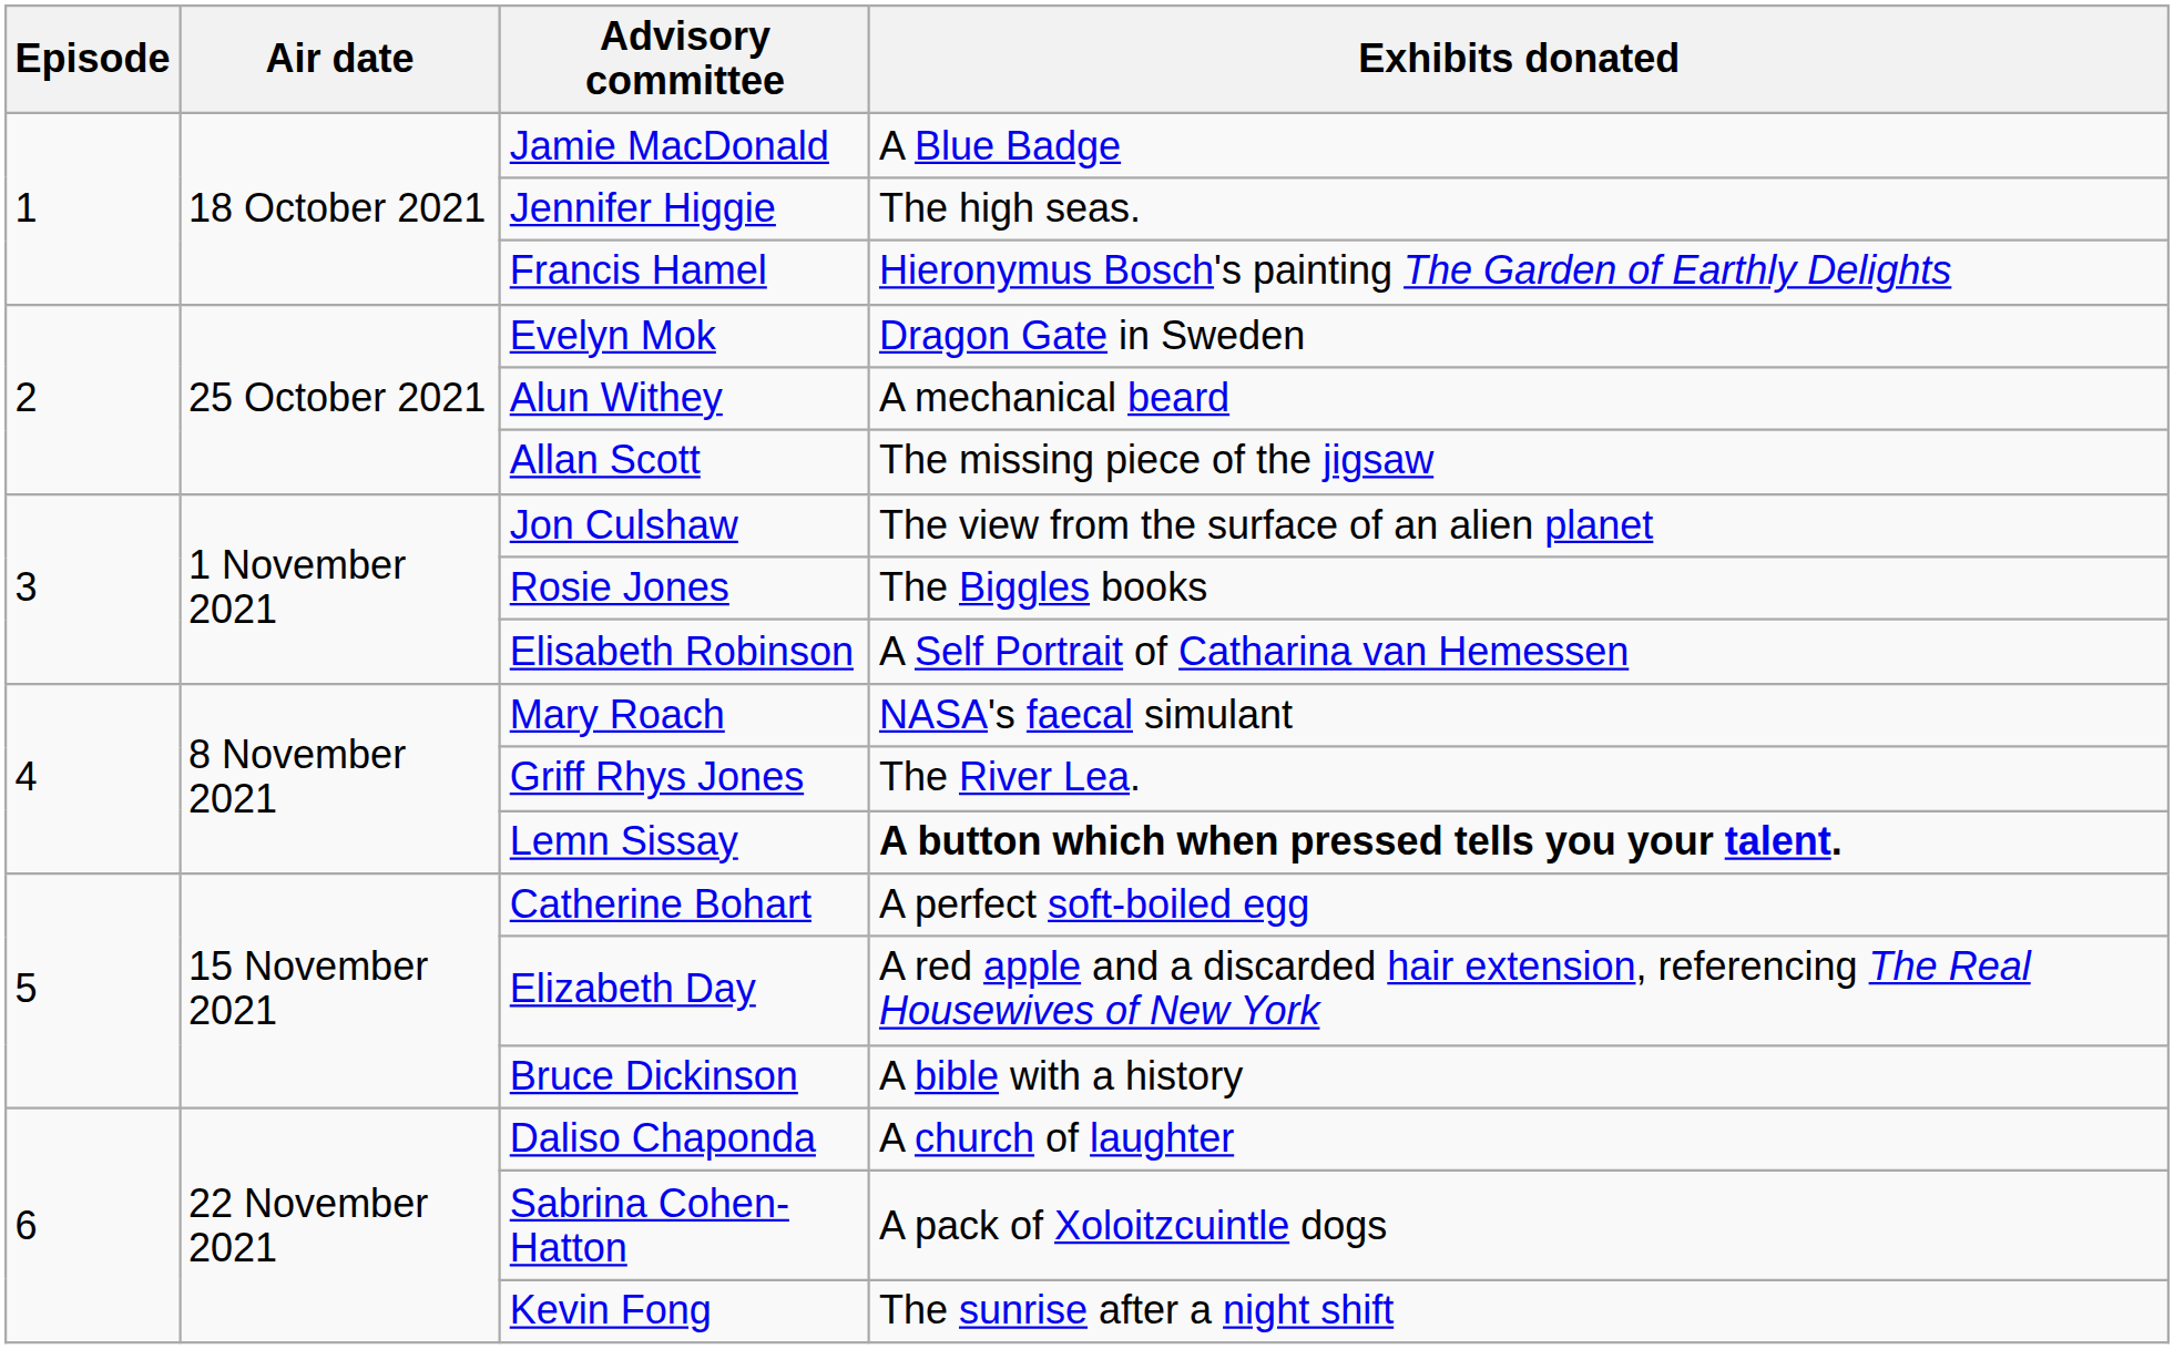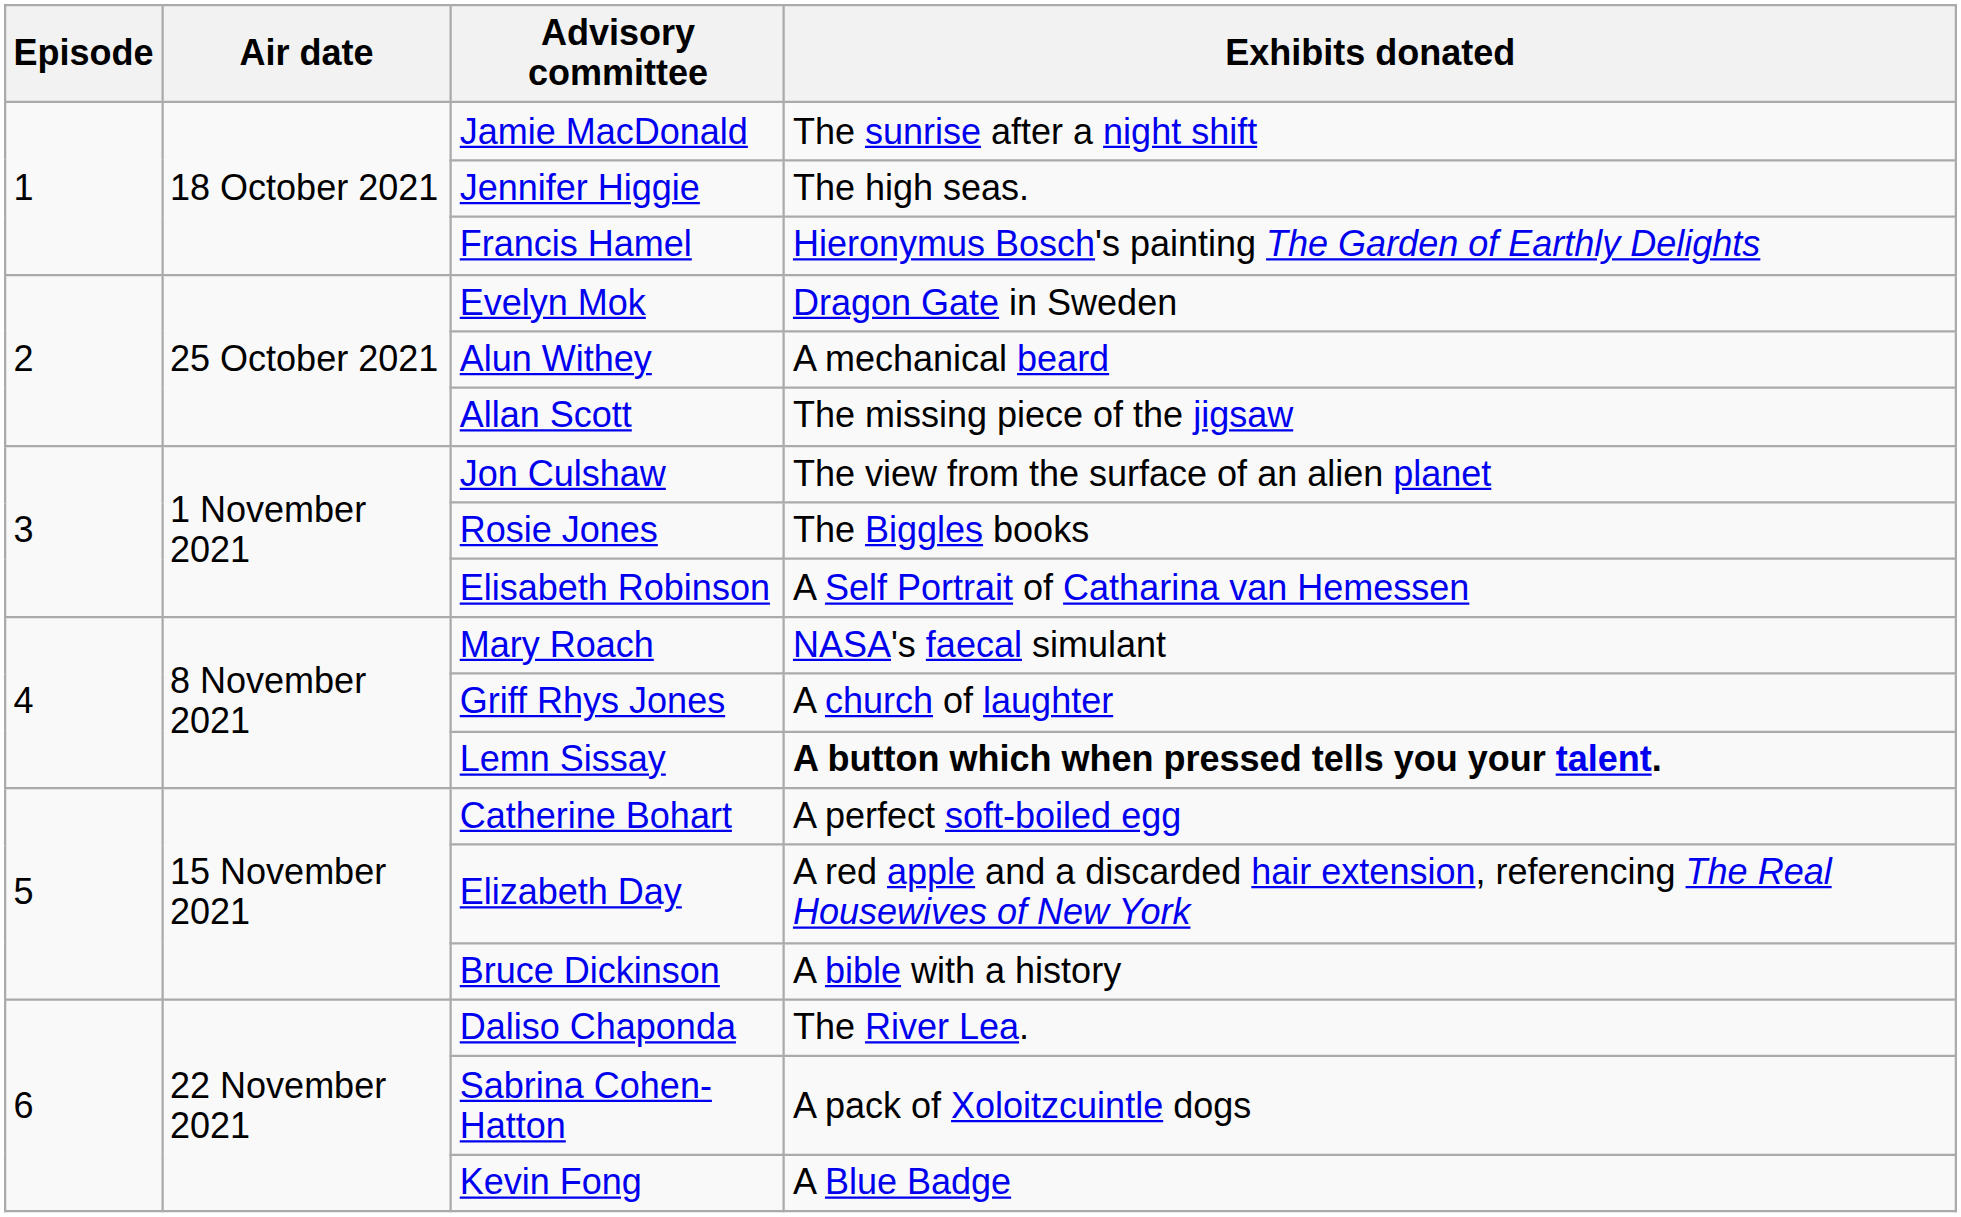 <table class="wikitable">
 <tr>
 <th>Episode</th>
 <th>Air date</th>
 <th>Advisory committee</th>
 <th>Exhibits donated</th>
 </tr>
 <tr>
 <td rowspan="3">1</td>
 <td rowspan="3">18 October 2021</td>
 <td><a href='#'>Jamie MacDonald</a></td>
-<td>A <a href='#'>Blue Badge</a></td>
+<td>The <a href='#'>sunrise</a> after a <a href='#'>night shift</a><br></td>
 </tr>
 <tr>
 <td><a href='#'>Jennifer Higgie</a></td>
 <td>The high seas.</td>
 </tr>
 <tr>
 <td><a href='#'>Francis Hamel</a></td>
 <td><a href='#'>Hieronymus Bosch</a>'s painting <em><a href='#'>The Garden of Earthly Delights</a></em></td>
 </tr>
 <tr>
 <td rowspan="3">2</td>
 <td rowspan="3">25 October 2021</td>
 <td><a href='#'>Evelyn Mok</a></td>
 <td><a href='#'>Dragon Gate</a> in Sweden</td>
 </tr>
 <tr>
 <td><a href='#'>Alun Withey</a></td>
 <td>A mechanical <a href='#'>beard</a></td>
 </tr>
 <tr>
 <td><a href='#'>Allan Scott</a></td>
 <td>The missing piece of the <a href='#'>jigsaw</a></td>
 </tr>
 <tr>
 <td rowspan="3">3</td>
 <td rowspan="3">1 November 2021</td>
 <td><a href='#'>Jon Culshaw</a></td>
 <td>The view from the surface of an alien <a href='#'>planet</a></td>
 </tr>
 <tr>
 <td><a href='#'>Rosie Jones</a></td>
 <td>The <a href='#'>Biggles</a> books</td>
 </tr>
 <tr>
 <td><a href='#'>Elisabeth Robinson</a></td>
 <td>A <a href='#'>Self Portrait</a> of <a href='#'>Catharina van Hemessen</a></td>
 </tr>
 <tr>
 <td rowspan="3">4</td>
 <td rowspan="3">8 November 2021</td>
 <td><a href='#'>Mary Roach</a></td>
 <td><a href='#'>NASA</a>'s <a href='#'>faecal</a> simulant</td>
 </tr>
 <tr>
 <td><a href='#'>Griff Rhys Jones</a></td>
-<td>The <a href='#'>River Lea</a>.</td>
+<td>A <a href='#'>church</a> of <a href='#'>laughter</a></td>
 </tr>
 <tr>
 <td><a href='#'>Lemn Sissay</a></td>
 <td><strong>A button which when pressed tells you your <a href='#'>talent</a>.</strong></td>
 </tr>
 <tr>
 <td rowspan="3">5</td>
 <td rowspan="3">15 November 2021</td>
 <td><a href='#'>Catherine Bohart</a></td>
 <td>A perfect <a href='#'>soft-boiled egg</a></td>
 </tr>
 <tr>
 <td><a href='#'>Elizabeth Day</a></td>
 <td>A red <a href='#'>apple</a> and a discarded <a href='#'>hair extension</a>, referencing <em><a href='#'>The Real Housewives of New York</a></em></td>
 </tr>
 <tr>
 <td><a href='#'>Bruce Dickinson</a></td>
 <td>A <a href='#'>bible</a> with a history</td>
 </tr>
 <tr>
 <td rowspan="3">6</td>
 <td rowspan="3">22 November 2021</td>
 <td><a href='#'>Daliso Chaponda</a></td>
-<td>A <a href='#'>church</a> of <a href='#'>laughter</a></td>
+<td>The <a href='#'>River Lea</a>.</td>
 </tr>
 <tr>
 <td><a href='#'>Sabrina Cohen-Hatton</a></td>
 <td>A pack of <a href='#'>Xoloitzcuintle</a> dogs</td>
 </tr>
 <tr>
 <td><a href='#'>Kevin Fong</a></td>
-<td>The <a href='#'>sunrise</a> after a <a href='#'>night shift</a><br></td>
+<td>A <a href='#'>Blue Badge</a></td>
 </tr>
 </table>
